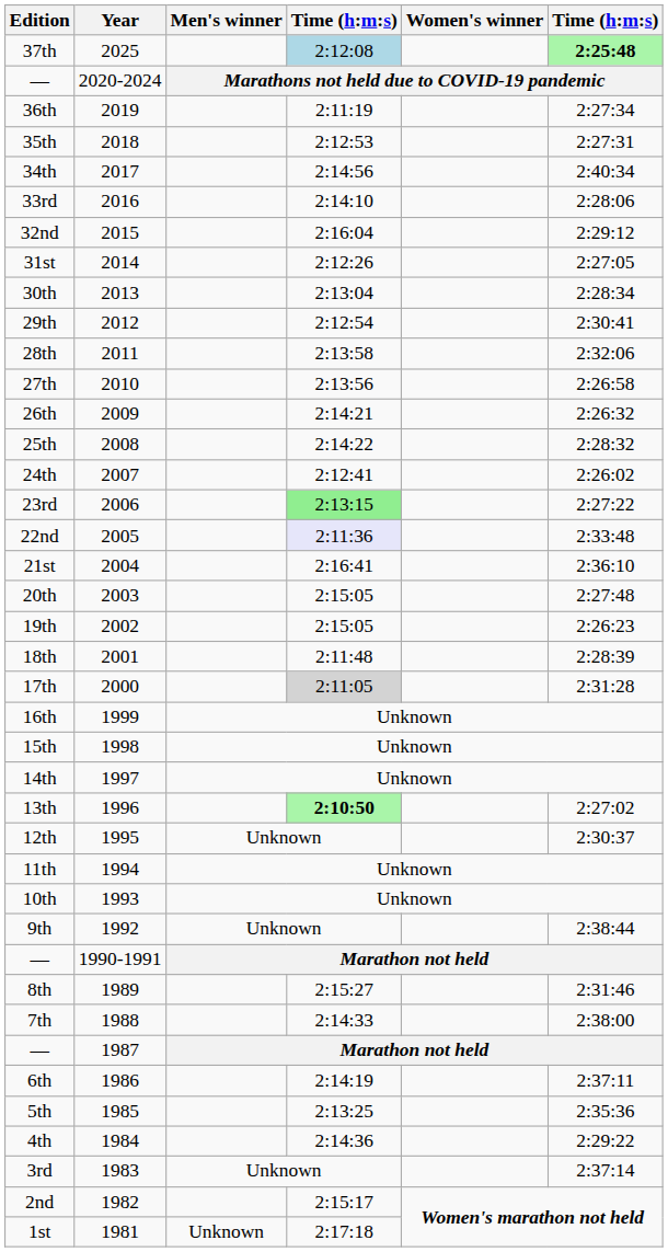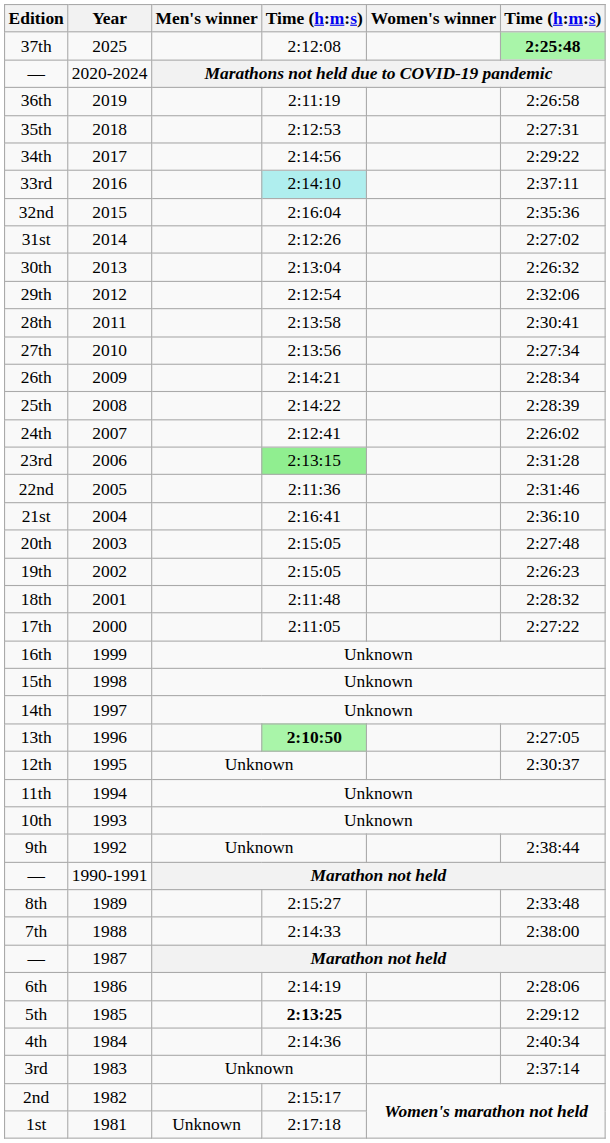 <table class="wikitable" style=" text-align:center;">
 <tr>
 <th>Edition</th>
 <th>Year</th>
 <th>Men's winner</th>
 <th>Time (<a href='#'>h</a>:<a href='#'>m</a>:<a href='#'>s</a>)</th>
 <th>Women's winner</th>
 <th>Time (<a href='#'>h</a>:<a href='#'>m</a>:<a href='#'>s</a>)</th>
 </tr>
 <tr>
 <td>37th</td>
 <td>2025</td>
 <td align=left></td>
-<td style="background: lightblue;">2:12:08</td>
+<td>2:12:08</td>
 <td align=left></td>
 <td bgcolor=#A9F5A9><strong>2:25:48</strong></td>
 </tr>
 <tr>
 <td>—</td>
 <td>2020-2024</td>
 <th colspan="4"><em>Marathons not held due to COVID-19 pandemic</em></th>
 </tr>
 <tr>
 <td>36th</td>
 <td>2019</td>
 <td align=left></td>
 <td>2:11:19</td>
 <td align=left></td>
-<td>2:27:34</td>
+<td>2:26:58</td>
 </tr>
 <tr>
 <td>35th</td>
 <td>2018</td>
 <td align=left></td>
 <td>2:12:53</td>
 <td align=left></td>
 <td>2:27:31</td>
 </tr>
 <tr>
 <td>34th</td>
 <td>2017</td>
 <td align=left></td>
 <td>2:14:56</td>
 <td align=left></td>
-<td>2:40:34</td>
+<td>2:29:22</td>
 </tr>
 <tr>
 <td>33rd</td>
 <td>2016</td>
 <td align=left></td>
-<td>2:14:10</td>
+<td style="background: paleturquoise;">2:14:10</td>
 <td align=left></td>
-<td>2:28:06</td>
+<td>2:37:11</td>
 </tr>
 <tr>
 <td>32nd</td>
 <td>2015</td>
 <td align=left></td>
 <td>2:16:04</td>
 <td align=left></td>
-<td>2:29:12</td>
+<td>2:35:36</td>
 </tr>
 <tr>
 <td>31st</td>
 <td>2014</td>
 <td align=left></td>
 <td>2:12:26</td>
 <td align=left></td>
-<td>2:27:05</td>
+<td>2:27:02</td>
 </tr>
 <tr>
 <td>30th</td>
 <td>2013</td>
 <td align=left></td>
 <td>2:13:04</td>
 <td align=left></td>
-<td>2:28:34</td>
+<td>2:26:32</td>
 </tr>
 <tr>
 <td>29th</td>
 <td>2012</td>
 <td align=left></td>
 <td>2:12:54</td>
 <td align=left></td>
-<td>2:30:41</td>
+<td>2:32:06</td>
 </tr>
 <tr>
 <td>28th</td>
 <td>2011</td>
 <td align=left></td>
 <td>2:13:58</td>
 <td align=left></td>
-<td>2:32:06</td>
+<td>2:30:41</td>
 </tr>
 <tr>
 <td>27th</td>
 <td>2010</td>
 <td align=left></td>
 <td>2:13:56</td>
 <td align=left></td>
-<td>2:26:58</td>
+<td>2:27:34</td>
 </tr>
 <tr>
 <td>26th</td>
 <td>2009</td>
 <td align=left></td>
 <td>2:14:21</td>
 <td align=left></td>
-<td>2:26:32</td>
+<td>2:28:34</td>
 </tr>
 <tr>
 <td>25th</td>
 <td>2008</td>
 <td align=left></td>
 <td>2:14:22</td>
 <td align=left></td>
-<td>2:28:32</td>
+<td>2:28:39</td>
 </tr>
 <tr>
 <td>24th</td>
 <td>2007</td>
 <td align=left></td>
 <td>2:12:41</td>
 <td align=left></td>
 <td>2:26:02</td>
 </tr>
 <tr>
 <td>23rd</td>
 <td>2006</td>
 <td align=left></td>
 <td style="background: lightgreen;">2:13:15</td>
 <td align=left></td>
-<td>2:27:22</td>
+<td>2:31:28</td>
 </tr>
 <tr>
 <td>22nd</td>
 <td>2005</td>
 <td align=left></td>
-<td style="background: lavender;">2:11:36</td>
+<td>2:11:36</td>
 <td align=left></td>
-<td>2:33:48</td>
+<td>2:31:46</td>
 </tr>
 <tr>
 <td>21st</td>
 <td>2004</td>
 <td align=left></td>
 <td>2:16:41</td>
 <td align=left></td>
 <td>2:36:10</td>
 </tr>
 <tr>
 <td>20th</td>
 <td>2003</td>
 <td align=left></td>
 <td>2:15:05</td>
 <td align=left></td>
 <td>2:27:48</td>
 </tr>
 <tr>
 <td>19th</td>
 <td>2002</td>
 <td align=left></td>
 <td>2:15:05</td>
 <td align=left></td>
 <td>2:26:23</td>
 </tr>
 <tr>
 <td>18th</td>
 <td>2001</td>
 <td align=left></td>
 <td>2:11:48</td>
 <td align=left></td>
-<td>2:28:39</td>
+<td>2:28:32</td>
 </tr>
 <tr>
 <td>17th</td>
 <td>2000</td>
 <td align=left></td>
-<td style="background: lightgrey;">2:11:05</td>
+<td>2:11:05</td>
 <td align=left></td>
-<td>2:31:28</td>
+<td>2:27:22</td>
 </tr>
 <tr>
 <td>16th</td>
 <td>1999</td>
 <td colspan=4>Unknown</td>
 </tr>
 <tr>
 <td>15th</td>
 <td>1998</td>
 <td colspan=4>Unknown</td>
 </tr>
 <tr>
 <td>14th</td>
 <td>1997</td>
 <td colspan=4>Unknown</td>
 </tr>
 <tr>
 <td>13th</td>
 <td>1996</td>
 <td align=left></td>
 <td bgcolor=#A9F5A9><strong>2:10:50</strong></td>
 <td align=left></td>
-<td>2:27:02</td>
+<td>2:27:05</td>
 </tr>
 <tr>
 <td>12th</td>
 <td>1995</td>
 <td colspan=2>Unknown</td>
 <td align=left></td>
 <td>2:30:37</td>
 </tr>
 <tr>
 <td>11th</td>
 <td>1994</td>
 <td colspan=4>Unknown</td>
 </tr>
 <tr>
 <td>10th</td>
 <td>1993</td>
 <td colspan=4>Unknown</td>
 </tr>
 <tr>
 <td>9th</td>
 <td>1992</td>
 <td colspan=2>Unknown</td>
 <td align=left></td>
 <td>2:38:44</td>
 </tr>
 <tr>
 <td>—</td>
 <td>1990-1991</td>
 <th colspan="4"><em>Marathon not held</em></th>
 </tr>
 <tr>
 <td>8th</td>
 <td>1989</td>
 <td align=left></td>
 <td>2:15:27</td>
 <td align=left></td>
-<td>2:31:46</td>
+<td>2:33:48</td>
 </tr>
 <tr>
 <td>7th</td>
 <td>1988</td>
 <td align=left></td>
 <td>2:14:33</td>
 <td align=left></td>
 <td>2:38:00</td>
 </tr>
 <tr>
 <td>—</td>
 <td>1987</td>
 <th colspan=4><em>Marathon not held</em></th>
 </tr>
 <tr>
 <td>6th</td>
 <td>1986</td>
 <td align=left></td>
 <td>2:14:19</td>
 <td align=left></td>
-<td>2:37:11</td>
+<td>2:28:06</td>
 </tr>
 <tr>
 <td>5th</td>
 <td>1985</td>
 <td align=left></td>
-<td>2:13:25</td>
+<td><strong>2:13:25</strong></td>
 <td align=left></td>
-<td>2:35:36</td>
+<td>2:29:12</td>
 </tr>
 <tr>
 <td>4th</td>
 <td>1984</td>
 <td align=left></td>
 <td>2:14:36</td>
 <td align=left></td>
-<td>2:29:22</td>
+<td>2:40:34</td>
 </tr>
 <tr>
 <td>3rd</td>
 <td>1983</td>
 <td colspan=2>Unknown</td>
 <td align=left></td>
 <td>2:37:14</td>
 </tr>
 <tr>
 <td>2nd</td>
 <td>1982</td>
 <td align=left></td>
 <td>2:15:17</td>
 <td colspan=2 rowspan=2><strong><em>Women's marathon not held</em></strong></td>
 </tr>
 <tr>
 <td>1st</td>
 <td>1981</td>
 <td>Unknown</td>
 <td>2:17:18</td>
 </tr>
 </table>
